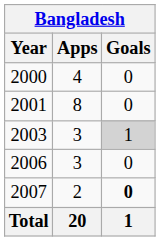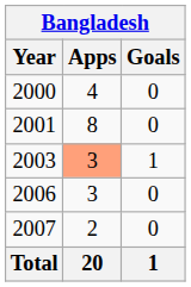 <table class="wikitable" style="text-align:center">
 <tr>
 <th colspan=3><a href='#'>Bangladesh</a></th>
 </tr>
 <tr>
 <th>Year</th>
 <th>Apps</th>
 <th>Goals</th>
 </tr>
 <tr>
 <td>2000</td>
 <td>4</td>
 <td>0</td>
 </tr>
 <tr>
 <td>2001</td>
 <td>8</td>
 <td>0</td>
 </tr>
 <tr>
 <td>2003</td>
-<td>3</td>
-<td style="background: lightgrey;">1</td>
+<td style="background: lightsalmon;">3</td>
+<td>1</td>
 </tr>
 <tr>
 <td>2006</td>
 <td>3</td>
 <td>0</td>
 </tr>
 <tr>
 <td>2007</td>
 <td>2</td>
-<td><strong>0</strong></td>
+<td>0</td>
 </tr>
 <tr>
 <th>Total</th>
 <th>20</th>
 <th>1</th>
 </tr>
 </table>
